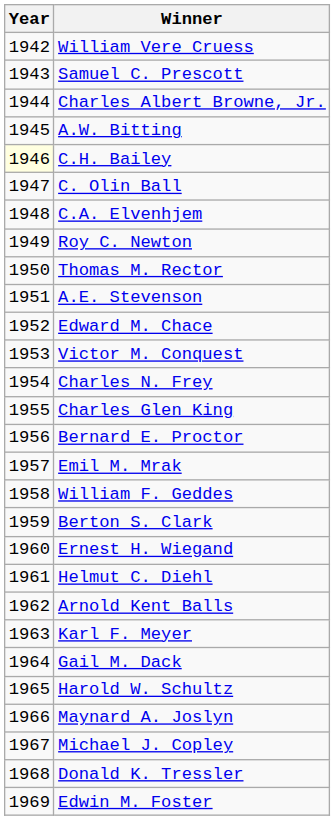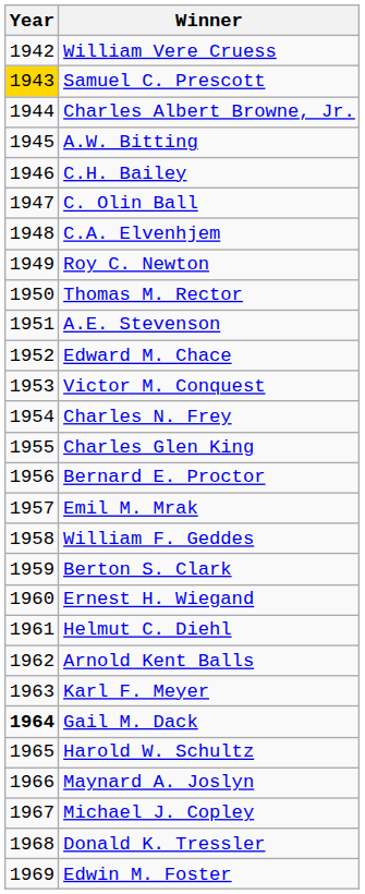 <table class="wikitable">
 <tr>
 <th>Year</th>
 <th>Winner</th>
 </tr>
 <tr>
 <td>1942</td>
 <td><a href='#'>William Vere Cruess </a></td>
 </tr>
 <tr>
-<td>1943</td>
+<td style="background: gold;">1943</td>
 <td><a href='#'>Samuel C. Prescott</a></td>
 </tr>
 <tr>
 <td>1944</td>
 <td><a href='#'>Charles Albert Browne, Jr.</a></td>
 </tr>
 <tr>
 <td>1945</td>
 <td><a href='#'>A.W. Bitting</a></td>
 </tr>
 <tr>
-<td style="background: lightyellow;">1946</td>
+<td>1946</td>
 <td><a href='#'>C.H. Bailey</a></td>
 </tr>
 <tr>
 <td>1947</td>
 <td><a href='#'>C. Olin Ball</a></td>
 </tr>
 <tr>
 <td>1948</td>
 <td><a href='#'>C.A. Elvenhjem</a></td>
 </tr>
 <tr>
 <td>1949</td>
 <td><a href='#'>Roy C. Newton</a></td>
 </tr>
 <tr>
 <td>1950</td>
 <td><a href='#'>Thomas M. Rector</a></td>
 </tr>
 <tr>
 <td>1951</td>
 <td><a href='#'>A.E. Stevenson</a></td>
 </tr>
 <tr>
 <td>1952</td>
 <td><a href='#'>Edward M. Chace</a></td>
 </tr>
 <tr>
 <td>1953</td>
 <td><a href='#'>Victor M. Conquest</a></td>
 </tr>
 <tr>
 <td>1954</td>
 <td><a href='#'>Charles N. Frey</a></td>
 </tr>
 <tr>
 <td>1955</td>
 <td><a href='#'>Charles Glen King</a></td>
 </tr>
 <tr>
 <td>1956</td>
 <td><a href='#'>Bernard E. Proctor</a></td>
 </tr>
 <tr>
 <td>1957</td>
 <td><a href='#'>Emil M. Mrak</a></td>
 </tr>
 <tr>
 <td>1958</td>
 <td><a href='#'>William F. Geddes</a></td>
 </tr>
 <tr>
 <td>1959</td>
 <td><a href='#'>Berton S. Clark</a></td>
 </tr>
 <tr>
 <td>1960</td>
 <td><a href='#'>Ernest H. Wiegand</a></td>
 </tr>
 <tr>
 <td>1961</td>
 <td><a href='#'>Helmut C. Diehl</a></td>
 </tr>
 <tr>
 <td>1962</td>
 <td><a href='#'>Arnold Kent Balls</a></td>
 </tr>
 <tr>
 <td>1963</td>
 <td><a href='#'>Karl F. Meyer</a></td>
 </tr>
 <tr>
-<td>1964</td>
+<td><strong>1964</strong></td>
 <td><a href='#'>Gail M. Dack</a></td>
 </tr>
 <tr>
 <td>1965</td>
 <td><a href='#'>Harold W. Schultz</a></td>
 </tr>
 <tr>
 <td>1966</td>
 <td><a href='#'>Maynard A. Joslyn</a></td>
 </tr>
 <tr>
 <td>1967</td>
 <td><a href='#'>Michael J. Copley</a></td>
 </tr>
 <tr>
 <td>1968</td>
 <td><a href='#'>Donald K. Tressler</a></td>
 </tr>
 <tr>
 <td>1969</td>
 <td><a href='#'>Edwin M. Foster</a></td>
 </tr>
 </table>
